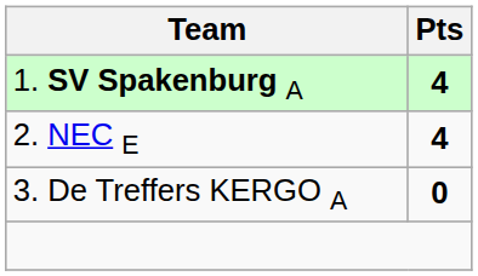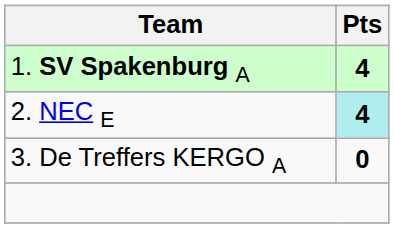 <table class="wikitable" style="text-align:center; float:left; margin-right:1em">
 <tr>
 <th style="width:200px">Team</th>
 <th width=20>Pts</th>
 </tr>
 <tr bgcolor=ccffcc>
 <td align=left>1. <strong>SV Spakenburg</strong> <sub>A</sub></td>
 <td><strong>4</strong></td>
 </tr>
 <tr>
 <td align=left>2. <a href='#'>NEC</a> <sub>E</sub></td>
-<td><strong>4</strong></td>
+<td style="background: paleturquoise;"><strong>4</strong></td>
 </tr>
 <tr>
 <td align=left>3. De Treffers KERGO <sub>A</sub></td>
 <td><strong>0</strong></td>
 </tr>
 <tr>
 <td colspan=2> </td>
 </tr>
 </table>
